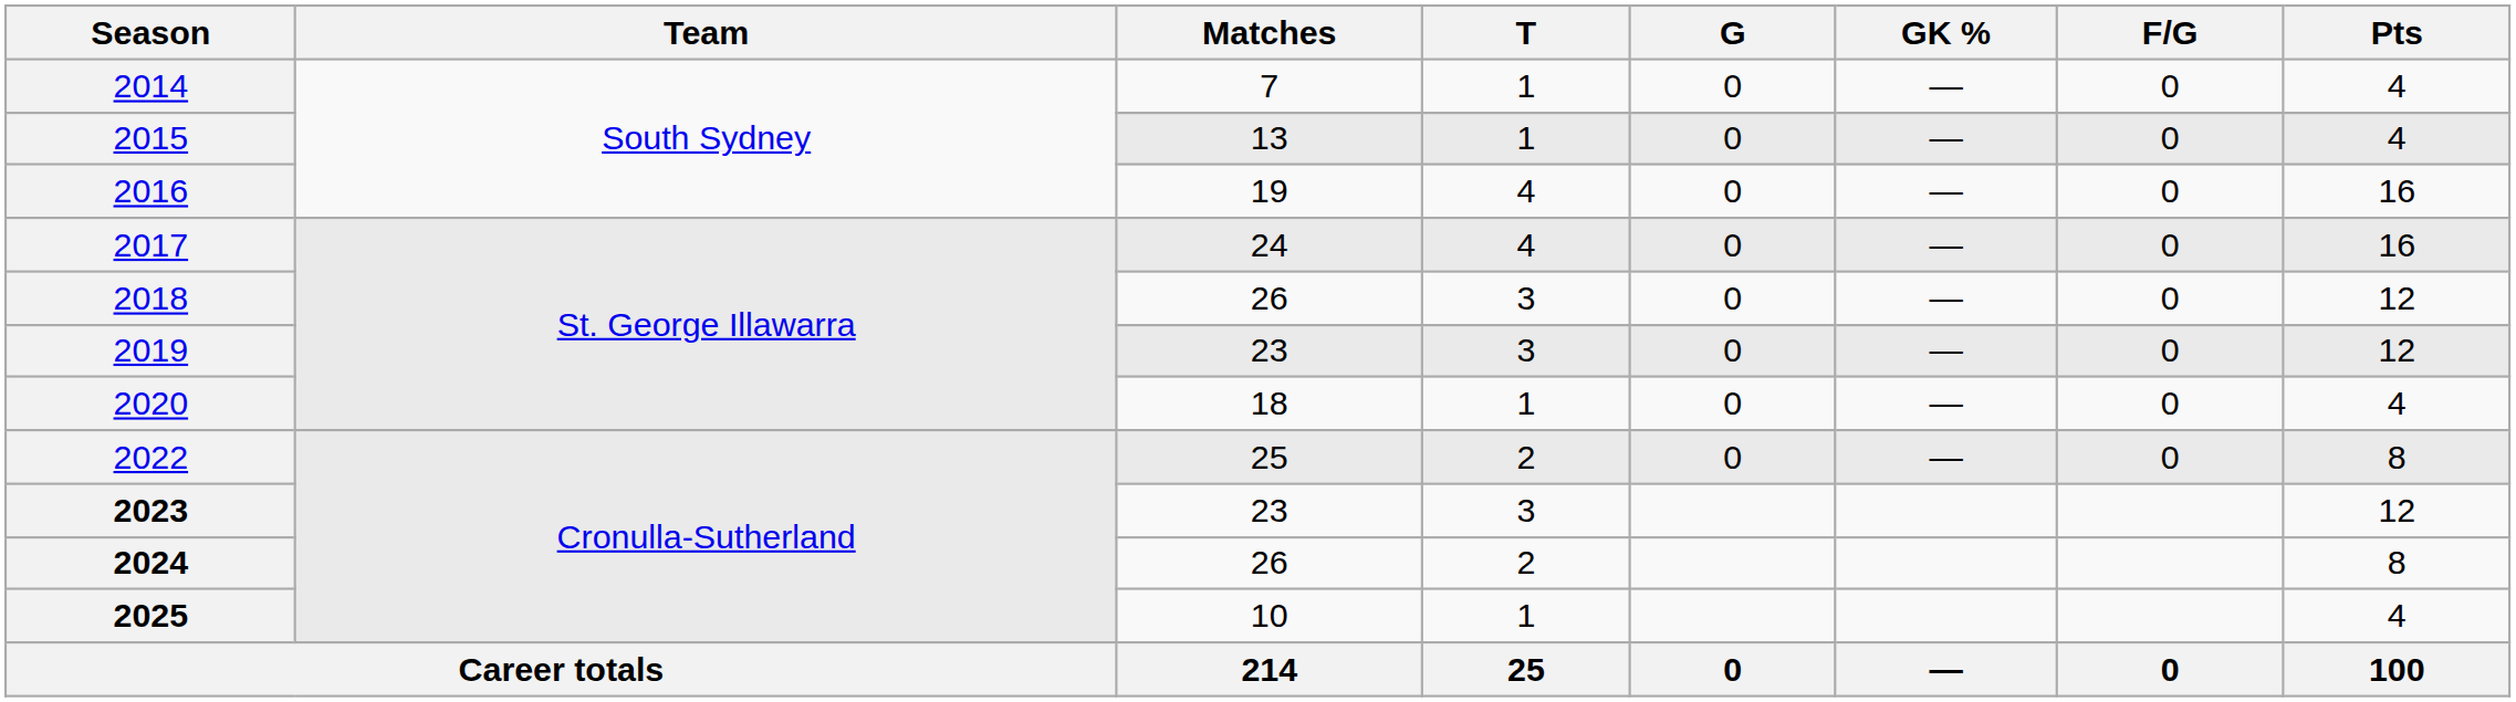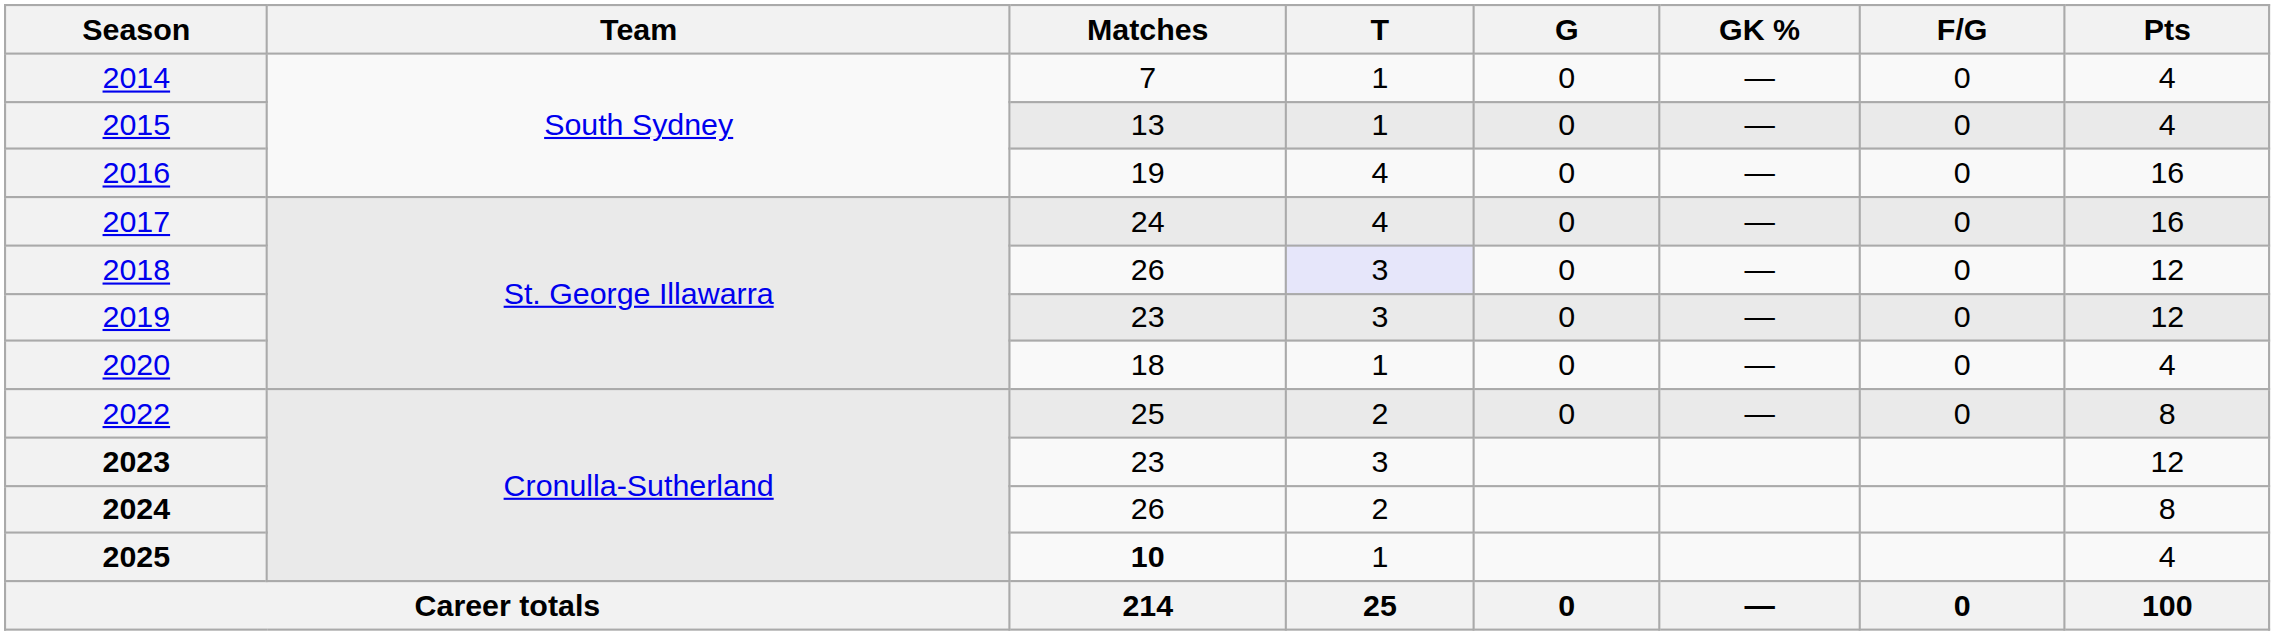 <table class="wikitable sortable" style="font-size:90%; text-align:center; width:85%;">
 <tr>
 <th width="2%">Season</th>
 <th width="8%">Team</th>
 <th width="2%">Matches</th>
 <th width="2%">T</th>
 <th width="2%">G</th>
 <th width="2%">GK %</th>
 <th width="2%">F/G</th>
 <th width="2%">Pts</th>
 </tr>
 <tr>
 <th scope="row" style="text-align:center; font-weight:normal"><a href='#'>2014</a></th>
 <td rowspan="3" style="text-align:center;"> <a href='#'>South Sydney</a></td>
 <td>7</td>
 <td>1</td>
 <td>0</td>
 <td>—</td>
 <td>0</td>
 <td>4</td>
 </tr>
 <tr style="background:#eaeaea;">
 <th scope="row" style="text-align:center; font-weight:normal"><a href='#'>2015</a></th>
 <td>13</td>
 <td>1</td>
 <td>0</td>
 <td>—</td>
 <td>0</td>
 <td>4</td>
 </tr>
 <tr>
 <th scope="row" style="text-align:center; font-weight:normal"><a href='#'>2016</a></th>
 <td>19</td>
 <td>4</td>
 <td>0</td>
 <td>—</td>
 <td>0</td>
 <td>16</td>
 </tr>
 <tr style="background:#eaeaea;">
 <th scope="row" style="text-align:center; font-weight:normal"><a href='#'>2017</a></th>
 <td rowspan="4" style="text-align:center;"> <a href='#'>St. George Illawarra</a></td>
 <td>24</td>
 <td>4</td>
 <td>0</td>
 <td>—</td>
 <td>0</td>
 <td>16</td>
 </tr>
 <tr>
 <th scope="row" style="text-align:center; font-weight:normal"><a href='#'>2018</a></th>
 <td>26</td>
-<td>3</td>
+<td style="background: lavender;">3</td>
 <td>0</td>
 <td>—</td>
 <td>0</td>
 <td>12</td>
 </tr>
 <tr style="background:#eaeaea;">
 <th scope="row" style="text-align:center; font-weight:normal"><a href='#'>2019</a></th>
 <td>23</td>
 <td>3</td>
 <td>0</td>
 <td>—</td>
 <td>0</td>
 <td>12</td>
 </tr>
 <tr>
 <th scope="row" style="text-align:center; font-weight:normal"><a href='#'>2020</a></th>
 <td>18</td>
 <td>1</td>
 <td>0</td>
 <td>—</td>
 <td>0</td>
 <td>4</td>
 </tr>
 <tr style="background:#eaeaea;">
 <th scope="row" style="text-align:center; font-weight:normal"><a href='#'>2022</a></th>
 <td rowspan="4" style="text-align:center;"> <a href='#'>Cronulla-Sutherland</a></td>
 <td>25</td>
 <td>2</td>
 <td>0</td>
 <td>—</td>
 <td>0</td>
 <td>8</td>
 </tr>
 <tr>
 <th>2023</th>
 <td>23</td>
 <td>3</td>
 <td></td>
 <td></td>
 <td></td>
 <td>12</td>
 </tr>
 <tr>
 <th>2024</th>
 <td>26</td>
 <td>2</td>
 <td></td>
 <td></td>
 <td></td>
 <td>8</td>
 </tr>
 <tr>
 <th>2025</th>
-<td>10</td>
+<td><strong>10</strong></td>
 <td>1</td>
 <td></td>
 <td></td>
 <td></td>
 <td>4</td>
 </tr>
 <tr class="sortbottom">
 <th colspan="2">Career totals</th>
 <th>214</th>
 <th>25</th>
 <th>0</th>
 <th>—</th>
 <th>0</th>
 <th>100</th>
 </tr>
 </table>
